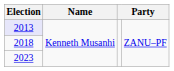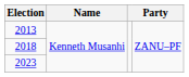 <table class="wikitable" style="text-align:center">
 <tr>
 <th>Election</th>
 <th>Name</th>
 <th colspan="2">Party</th>
 </tr>
 <tr>
-<td style="background: lavender;"><a href='#'>2013</a></td>
+<td><a href='#'>2013</a></td>
 <td rowspan="3"><a href='#'>Kenneth Musanhi</a></td>
 <td rowspan="3" style="background-color: "></td>
 <td rowspan="3"><a href='#'>ZANU–PF</a></td>
 </tr>
 <tr>
 <td><a href='#'>2018</a></td>
 </tr>
 <tr>
 <td><a href='#'>2023</a></td>
 </tr>
 </table>
